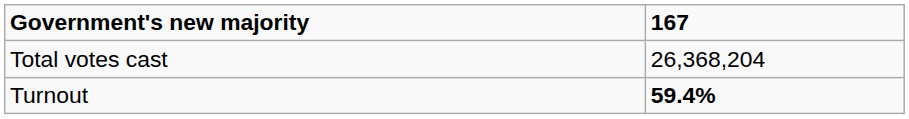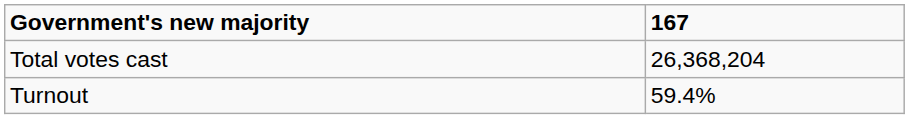 <table class="wikitable" style="width:630px">
 <tr>
 <td><strong>Government's new majority</strong></td>
 <td><strong>167</strong></td>
 </tr>
 <tr>
 <td>Total votes cast</td>
 <td>26,368,204</td>
 </tr>
 <tr>
 <td>Turnout</td>
-<td><strong>59.4%</strong></td>
+<td>59.4%</td>
 </tr>
 </table>
